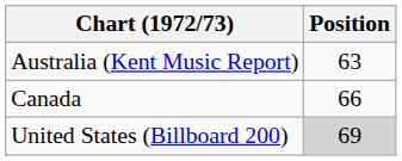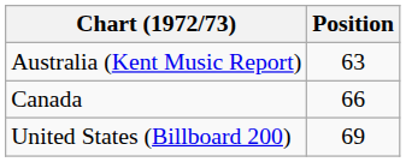 <table class="wikitable">
 <tr>
 <th>Chart (1972/73)</th>
 <th>Position</th>
 </tr>
 <tr>
 <td>Australia (<a href='#'>Kent Music Report</a>)</td>
 <td align="center">63</td>
 </tr>
 <tr>
 <td>Canada</td>
 <td align="center">66</td>
 </tr>
 <tr>
 <td>United States (<a href='#'>Billboard 200</a>)</td>
-<td align="center" style="background: lightgrey;">69</td>
+<td align="center">69</td>
 </tr>
 </table>
